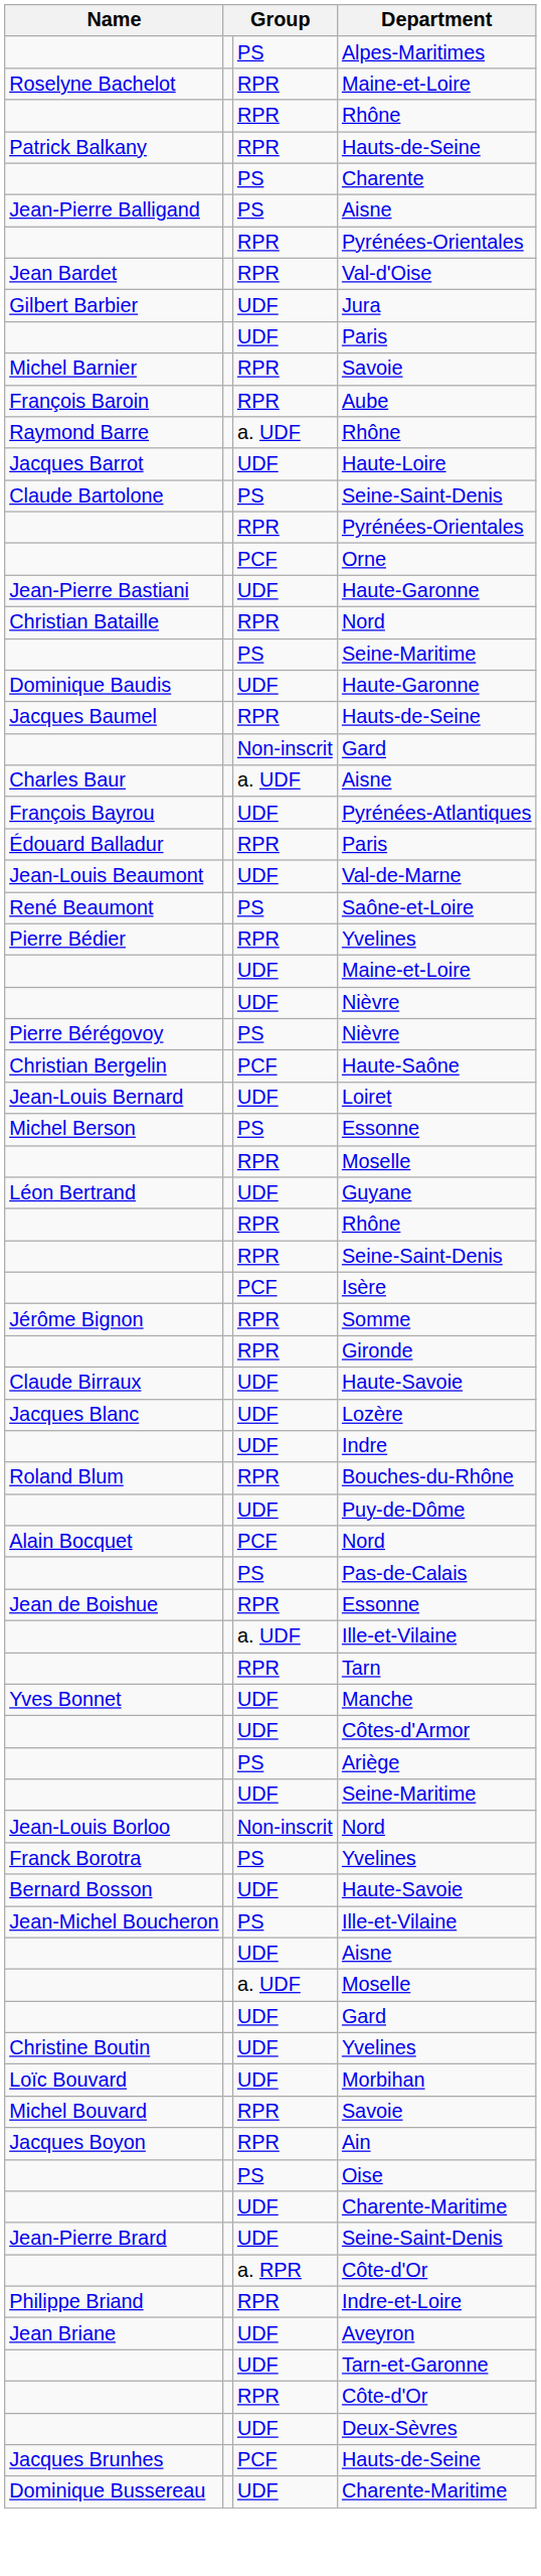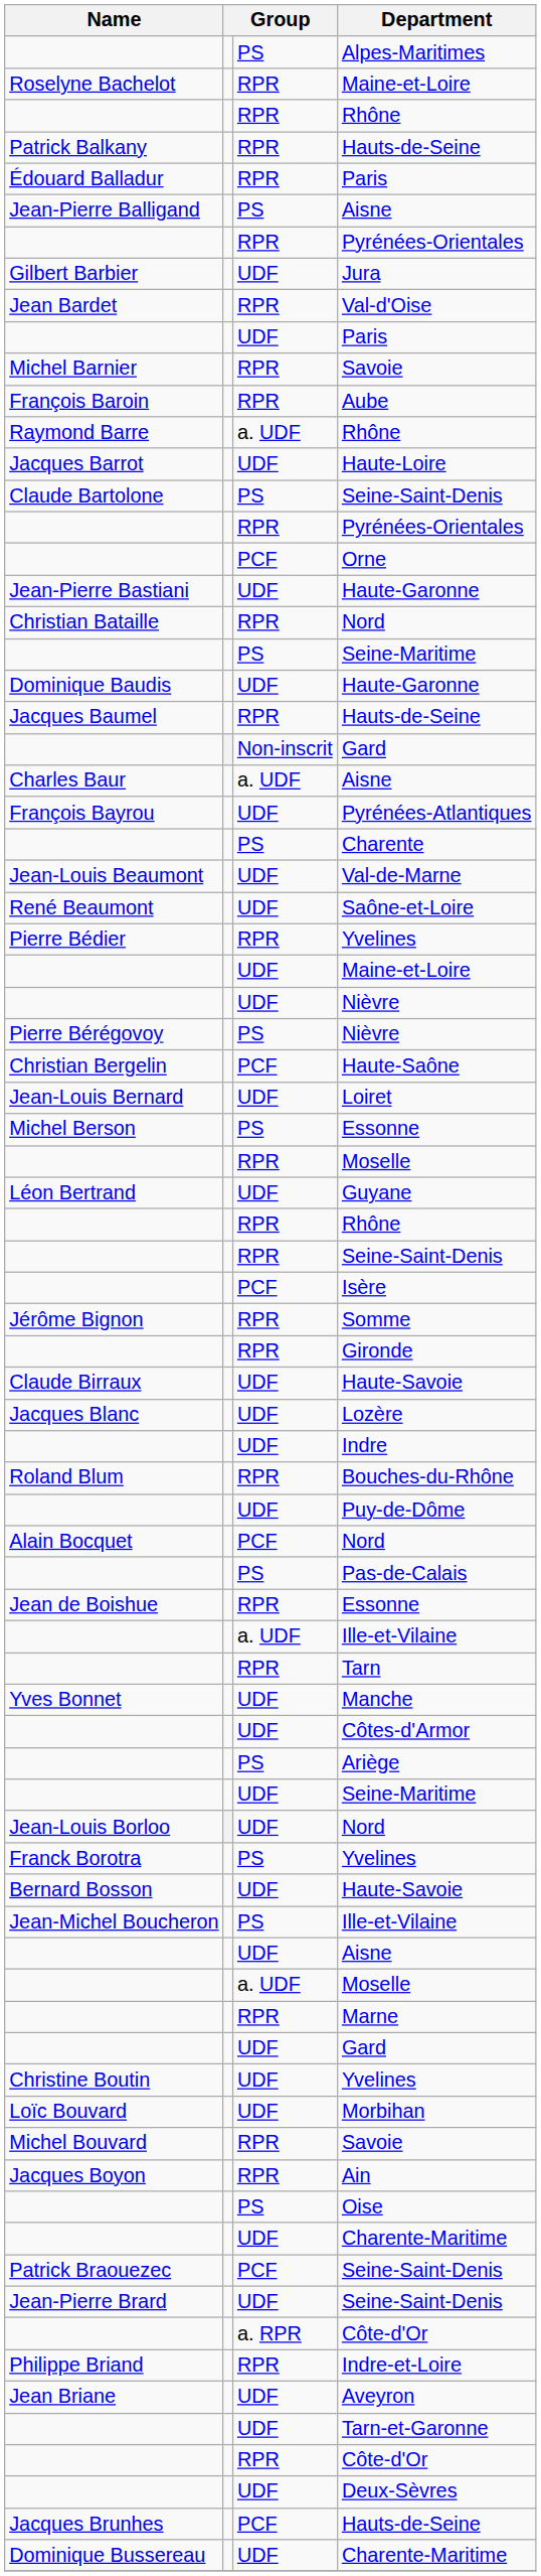 <table class="wikitable alternance">
 <tr>
 <th>Name</th>
 <th colspan="2">Group</th>
 <th>Department</th>
 </tr>
 <tr>
 <td></td>
 <td style="background-color: "></td>
 <td><a href='#'>PS</a></td>
 <td><a href='#'>Alpes-Maritimes</a></td>
 </tr>
 <tr>
 <td><a href='#'>Roselyne Bachelot</a></td>
 <td style="background-color: "></td>
 <td><a href='#'>RPR</a></td>
 <td><a href='#'>Maine-et-Loire</a></td>
 </tr>
 <tr>
 <td></td>
 <td style="background-color: "></td>
 <td><a href='#'>RPR</a></td>
 <td><a href='#'>Rhône</a></td>
 </tr>
 <tr>
 <td><a href='#'>Patrick Balkany</a></td>
 <td style="background-color: "></td>
 <td><a href='#'>RPR</a></td>
 <td><a href='#'>Hauts-de-Seine</a></td>
 </tr>
 <tr>
-<td></td>
+<td><a href='#'>Édouard Balladur</a></td>
 <td style="background-color: "></td>
-<td><a href='#'>PS</a></td>
-<td><a href='#'>Charente</a></td>
+<td><a href='#'>RPR</a></td>
+<td><a href='#'>Paris</a></td>
 </tr>
 <tr>
 <td><a href='#'>Jean-Pierre Balligand</a></td>
 <td style="background-color: "></td>
 <td><a href='#'>PS</a></td>
 <td><a href='#'>Aisne</a></td>
 </tr>
 <tr>
 <td></td>
 <td style="background-color: "></td>
 <td><a href='#'>RPR</a></td>
 <td><a href='#'>Pyrénées-Orientales</a></td>
 </tr>
 <tr>
+<td><a href='#'>Gilbert Barbier</a></td>
+<td style="background-color: "></td>
+<td><a href='#'>UDF</a></td>
+<td><a href='#'>Jura</a></td>
+</tr>
+<tr>
 <td><a href='#'>Jean Bardet</a></td>
 <td style="background-color: "></td>
 <td><a href='#'>RPR</a></td>
 <td><a href='#'>Val-d'Oise</a></td>
-</tr>
-<tr>
-<td><a href='#'>Gilbert Barbier</a></td>
-<td style="background-color: "></td>
-<td><a href='#'>UDF</a></td>
-<td><a href='#'>Jura</a></td>
 </tr>
 <tr>
 <td></td>
 <td style="background-color: "></td>
 <td><a href='#'>UDF</a></td>
 <td><a href='#'>Paris</a></td>
 </tr>
 <tr>
 <td><a href='#'>Michel Barnier</a></td>
 <td style="background-color: "></td>
 <td><a href='#'>RPR</a></td>
 <td><a href='#'>Savoie</a></td>
 </tr>
 <tr>
 <td><a href='#'>François Baroin</a></td>
 <td style="background-color: "></td>
 <td><a href='#'>RPR</a></td>
 <td><a href='#'>Aube</a></td>
 </tr>
 <tr>
 <td><a href='#'>Raymond Barre</a></td>
 <td style="background-color: "></td>
 <td>a. <a href='#'>UDF</a></td>
 <td><a href='#'>Rhône</a></td>
 </tr>
 <tr>
 <td><a href='#'>Jacques Barrot</a></td>
 <td style="background-color: "></td>
 <td><a href='#'>UDF</a></td>
 <td><a href='#'>Haute-Loire</a></td>
 </tr>
 <tr>
 <td><a href='#'>Claude Bartolone</a></td>
 <td style="background-color: "></td>
 <td><a href='#'>PS</a></td>
 <td><a href='#'>Seine-Saint-Denis</a></td>
 </tr>
 <tr>
 <td></td>
 <td style="background-color: "></td>
 <td><a href='#'>RPR</a></td>
 <td><a href='#'>Pyrénées-Orientales</a></td>
 </tr>
 <tr>
 <td></td>
 <td style="background-color: "></td>
 <td><a href='#'>PCF</a></td>
 <td><a href='#'>Orne</a></td>
 </tr>
 <tr>
 <td><a href='#'>Jean-Pierre Bastiani</a></td>
 <td style="background-color: "></td>
 <td><a href='#'>UDF</a></td>
 <td><a href='#'>Haute-Garonne</a></td>
 </tr>
 <tr>
 <td><a href='#'>Christian Bataille</a></td>
 <td style="background-color: "></td>
 <td><a href='#'>RPR</a></td>
 <td><a href='#'>Nord</a></td>
 </tr>
 <tr>
 <td></td>
 <td style="background-color: "></td>
 <td><a href='#'>PS</a></td>
 <td><a href='#'>Seine-Maritime</a></td>
 </tr>
 <tr>
 <td><a href='#'>Dominique Baudis</a></td>
 <td style="background-color: "></td>
 <td><a href='#'>UDF</a></td>
 <td><a href='#'>Haute-Garonne</a></td>
 </tr>
 <tr>
 <td><a href='#'>Jacques Baumel</a></td>
 <td style="background-color: "></td>
 <td><a href='#'>RPR</a></td>
 <td><a href='#'>Hauts-de-Seine</a></td>
 </tr>
 <tr>
 <td></td>
 <th></th>
 <td><a href='#'>Non-inscrit</a></td>
 <td><a href='#'>Gard</a></td>
 </tr>
 <tr>
 <td><a href='#'>Charles Baur</a></td>
 <td style="background-color: "></td>
 <td>a. <a href='#'>UDF</a></td>
 <td><a href='#'>Aisne</a></td>
 </tr>
 <tr>
 <td><a href='#'>François Bayrou</a></td>
 <td style="background-color: "></td>
 <td><a href='#'>UDF</a></td>
 <td><a href='#'>Pyrénées-Atlantiques</a></td>
 </tr>
 <tr>
-<td><a href='#'>Édouard Balladur</a></td>
+<td></td>
 <td style="background-color: "></td>
-<td><a href='#'>RPR</a></td>
-<td><a href='#'>Paris</a></td>
+<td><a href='#'>PS</a></td>
+<td><a href='#'>Charente</a></td>
 </tr>
 <tr>
 <td><a href='#'>Jean-Louis Beaumont</a></td>
 <td style="background-color: "></td>
 <td><a href='#'>UDF</a></td>
 <td><a href='#'>Val-de-Marne</a></td>
 </tr>
 <tr>
 <td><a href='#'>René Beaumont</a></td>
 <td style="background-color: "></td>
-<td><a href='#'>PS</a></td>
+<td><a href='#'>UDF</a></td>
 <td><a href='#'>Saône-et-Loire</a></td>
 </tr>
 <tr>
 <td><a href='#'>Pierre Bédier</a></td>
 <td style="background-color: "></td>
 <td><a href='#'>RPR</a></td>
 <td><a href='#'>Yvelines</a></td>
 </tr>
 <tr>
 <td></td>
 <td style="background-color: "></td>
 <td><a href='#'>UDF</a></td>
 <td><a href='#'>Maine-et-Loire</a></td>
 </tr>
 <tr>
 <td></td>
 <td style="background-color: "></td>
 <td><a href='#'>UDF</a></td>
 <td><a href='#'>Nièvre</a></td>
 </tr>
 <tr>
 <td><a href='#'>Pierre Bérégovoy</a></td>
 <td style="background-color: "></td>
 <td><a href='#'>PS</a></td>
 <td><a href='#'>Nièvre</a></td>
 </tr>
 <tr>
 <td><a href='#'>Christian Bergelin</a></td>
 <td style="background-color: "></td>
 <td><a href='#'>PCF</a></td>
 <td><a href='#'>Haute-Saône</a></td>
 </tr>
 <tr>
 <td><a href='#'>Jean-Louis Bernard</a></td>
 <td style="background-color: "></td>
 <td><a href='#'>UDF</a></td>
 <td><a href='#'>Loiret</a></td>
 </tr>
 <tr>
 <td><a href='#'>Michel Berson</a></td>
 <td style="background-color: "></td>
 <td><a href='#'>PS</a></td>
 <td><a href='#'>Essonne</a></td>
 </tr>
 <tr>
 <td></td>
 <td style="background-color: "></td>
 <td><a href='#'>RPR</a></td>
 <td><a href='#'>Moselle</a></td>
 </tr>
 <tr>
 <td><a href='#'>Léon Bertrand</a></td>
 <td style="background-color: "></td>
 <td><a href='#'>UDF</a></td>
 <td><a href='#'>Guyane</a></td>
 </tr>
 <tr>
 <td></td>
 <td style="background-color: "></td>
 <td><a href='#'>RPR</a></td>
 <td><a href='#'>Rhône</a></td>
 </tr>
 <tr>
 <td></td>
 <td style="background-color: "></td>
 <td><a href='#'>RPR</a></td>
 <td><a href='#'>Seine-Saint-Denis</a></td>
 </tr>
 <tr>
 <td></td>
 <td style="background-color: "></td>
 <td><a href='#'>PCF</a></td>
 <td><a href='#'>Isère</a></td>
 </tr>
 <tr>
 <td><a href='#'>Jérôme Bignon</a></td>
 <td style="background-color: "></td>
 <td><a href='#'>RPR</a></td>
 <td><a href='#'>Somme</a></td>
 </tr>
 <tr>
 <td></td>
 <td style="background-color: "></td>
 <td><a href='#'>RPR</a></td>
 <td><a href='#'>Gironde</a></td>
 </tr>
 <tr>
 <td><a href='#'>Claude Birraux</a></td>
 <td style="background-color: "></td>
 <td><a href='#'>UDF</a></td>
 <td><a href='#'>Haute-Savoie</a></td>
 </tr>
 <tr>
 <td><a href='#'>Jacques Blanc</a></td>
 <td style="background-color: "></td>
 <td><a href='#'>UDF</a></td>
 <td><a href='#'>Lozère</a></td>
 </tr>
 <tr>
 <td></td>
 <td style="background-color: "></td>
 <td><a href='#'>UDF</a></td>
 <td><a href='#'>Indre</a></td>
 </tr>
 <tr>
 <td><a href='#'>Roland Blum</a></td>
 <td style="background-color: "></td>
 <td><a href='#'>RPR</a></td>
 <td><a href='#'>Bouches-du-Rhône</a></td>
 </tr>
 <tr>
 <td></td>
 <td style="background-color: "></td>
 <td><a href='#'>UDF</a></td>
 <td><a href='#'>Puy-de-Dôme</a></td>
 </tr>
 <tr>
 <td><a href='#'>Alain Bocquet</a></td>
 <td style="background-color: "></td>
 <td><a href='#'>PCF</a></td>
 <td><a href='#'>Nord</a></td>
 </tr>
 <tr>
 <td></td>
 <td style="background-color: "></td>
 <td><a href='#'>PS</a></td>
 <td><a href='#'>Pas-de-Calais</a></td>
 </tr>
 <tr>
 <td><a href='#'>Jean de Boishue</a></td>
 <td style="background-color: "></td>
 <td><a href='#'>RPR</a></td>
 <td><a href='#'>Essonne</a></td>
 </tr>
 <tr>
 <td></td>
 <td style="background-color: "></td>
 <td>a. <a href='#'>UDF</a></td>
 <td><a href='#'>Ille-et-Vilaine</a></td>
 </tr>
 <tr>
 <td></td>
 <td style="background-color: "></td>
 <td><a href='#'>RPR</a></td>
 <td><a href='#'>Tarn</a></td>
 </tr>
 <tr>
 <td><a href='#'>Yves Bonnet</a></td>
 <td style="background-color: "></td>
 <td><a href='#'>UDF</a></td>
 <td><a href='#'>Manche</a></td>
 </tr>
 <tr>
 <td></td>
 <td style="background-color: "></td>
 <td><a href='#'>UDF</a></td>
 <td><a href='#'>Côtes-d'Armor</a></td>
 </tr>
 <tr>
 <td></td>
 <td style="background-color: "></td>
 <td><a href='#'>PS</a></td>
 <td><a href='#'>Ariège</a></td>
 </tr>
 <tr>
 <td></td>
 <td style="background-color: "></td>
 <td><a href='#'>UDF</a></td>
 <td><a href='#'>Seine-Maritime</a></td>
 </tr>
 <tr>
 <td><a href='#'>Jean-Louis Borloo</a></td>
 <th></th>
-<td><a href='#'>Non-inscrit</a></td>
+<td><a href='#'>UDF</a></td>
 <td><a href='#'>Nord</a></td>
 </tr>
 <tr>
 <td><a href='#'>Franck Borotra</a></td>
 <td style="background-color: "></td>
 <td><a href='#'>PS</a></td>
 <td><a href='#'>Yvelines</a></td>
 </tr>
 <tr>
 <td><a href='#'>Bernard Bosson</a></td>
 <td style="background-color: "></td>
 <td><a href='#'>UDF</a></td>
 <td><a href='#'>Haute-Savoie</a></td>
 </tr>
 <tr>
 <td><a href='#'>Jean-Michel Boucheron</a></td>
 <td style="background-color: "></td>
 <td><a href='#'>PS</a></td>
 <td><a href='#'>Ille-et-Vilaine</a></td>
 </tr>
 <tr>
 <td></td>
 <td style="background-color: "></td>
 <td><a href='#'>UDF</a></td>
 <td><a href='#'>Aisne</a></td>
 </tr>
 <tr>
 <td></td>
 <td style="background-color: "></td>
 <td>a. <a href='#'>UDF</a></td>
 <td><a href='#'>Moselle</a></td>
+</tr>
+<tr>
+<td></td>
+<td style="background-color: "></td>
+<td><a href='#'>RPR</a></td>
+<td><a href='#'>Marne</a></td>
 </tr>
 <tr>
 <td></td>
 <td style="background-color: "></td>
 <td><a href='#'>UDF</a></td>
 <td><a href='#'>Gard</a></td>
 </tr>
 <tr>
 <td><a href='#'>Christine Boutin</a></td>
 <td style="background-color: "></td>
 <td><a href='#'>UDF</a></td>
 <td><a href='#'>Yvelines</a></td>
 </tr>
 <tr>
 <td><a href='#'>Loïc Bouvard</a></td>
 <td style="background-color: "></td>
 <td><a href='#'>UDF</a></td>
 <td><a href='#'>Morbihan</a></td>
 </tr>
 <tr>
 <td><a href='#'>Michel Bouvard</a></td>
 <td style="background-color: "></td>
 <td><a href='#'>RPR</a></td>
 <td><a href='#'>Savoie</a></td>
 </tr>
 <tr>
 <td><a href='#'>Jacques Boyon</a></td>
 <td style="background-color: "></td>
 <td><a href='#'>RPR</a></td>
 <td><a href='#'>Ain</a></td>
 </tr>
 <tr>
 <td></td>
 <td style="background-color: "></td>
 <td><a href='#'>PS</a></td>
 <td><a href='#'>Oise</a></td>
 </tr>
 <tr>
 <td></td>
 <td style="background-color: "></td>
 <td><a href='#'>UDF</a></td>
 <td><a href='#'>Charente-Maritime</a></td>
+</tr>
+<tr>
+<td><a href='#'>Patrick Braouezec</a></td>
+<td style="background-color: "></td>
+<td><a href='#'>PCF</a></td>
+<td><a href='#'>Seine-Saint-Denis</a></td>
 </tr>
 <tr>
 <td><a href='#'>Jean-Pierre Brard</a></td>
 <td style="background-color: "></td>
 <td><a href='#'>UDF</a></td>
 <td><a href='#'>Seine-Saint-Denis</a></td>
 </tr>
 <tr>
 <td></td>
 <td style="background-color: "></td>
 <td>a. <a href='#'>RPR</a></td>
 <td><a href='#'>Côte-d'Or</a></td>
 </tr>
 <tr>
 <td><a href='#'>Philippe Briand</a></td>
 <td style="background-color: "></td>
 <td><a href='#'>RPR</a></td>
 <td><a href='#'>Indre-et-Loire</a></td>
 </tr>
 <tr>
 <td><a href='#'>Jean Briane</a></td>
 <td style="background-color: "></td>
 <td><a href='#'>UDF</a></td>
 <td><a href='#'>Aveyron</a></td>
 </tr>
 <tr>
 <td></td>
 <td style="background-color: "></td>
 <td><a href='#'>UDF</a></td>
 <td><a href='#'>Tarn-et-Garonne</a></td>
 </tr>
 <tr>
 <td></td>
 <td style="background-color: "></td>
 <td><a href='#'>RPR</a></td>
 <td><a href='#'>Côte-d'Or</a></td>
 </tr>
 <tr>
 <td></td>
 <td style="background-color: "></td>
 <td><a href='#'>UDF</a></td>
 <td><a href='#'>Deux-Sèvres</a></td>
 </tr>
 <tr>
 <td><a href='#'>Jacques Brunhes</a></td>
 <td style="background-color: "></td>
 <td><a href='#'>PCF</a></td>
 <td><a href='#'>Hauts-de-Seine</a></td>
 </tr>
 <tr>
 <td><a href='#'>Dominique Bussereau</a></td>
 <td style="background-color: "></td>
 <td><a href='#'>UDF</a></td>
 <td><a href='#'>Charente-Maritime</a></td>
 </tr>
 <tr>
 </tr>
 </table>
